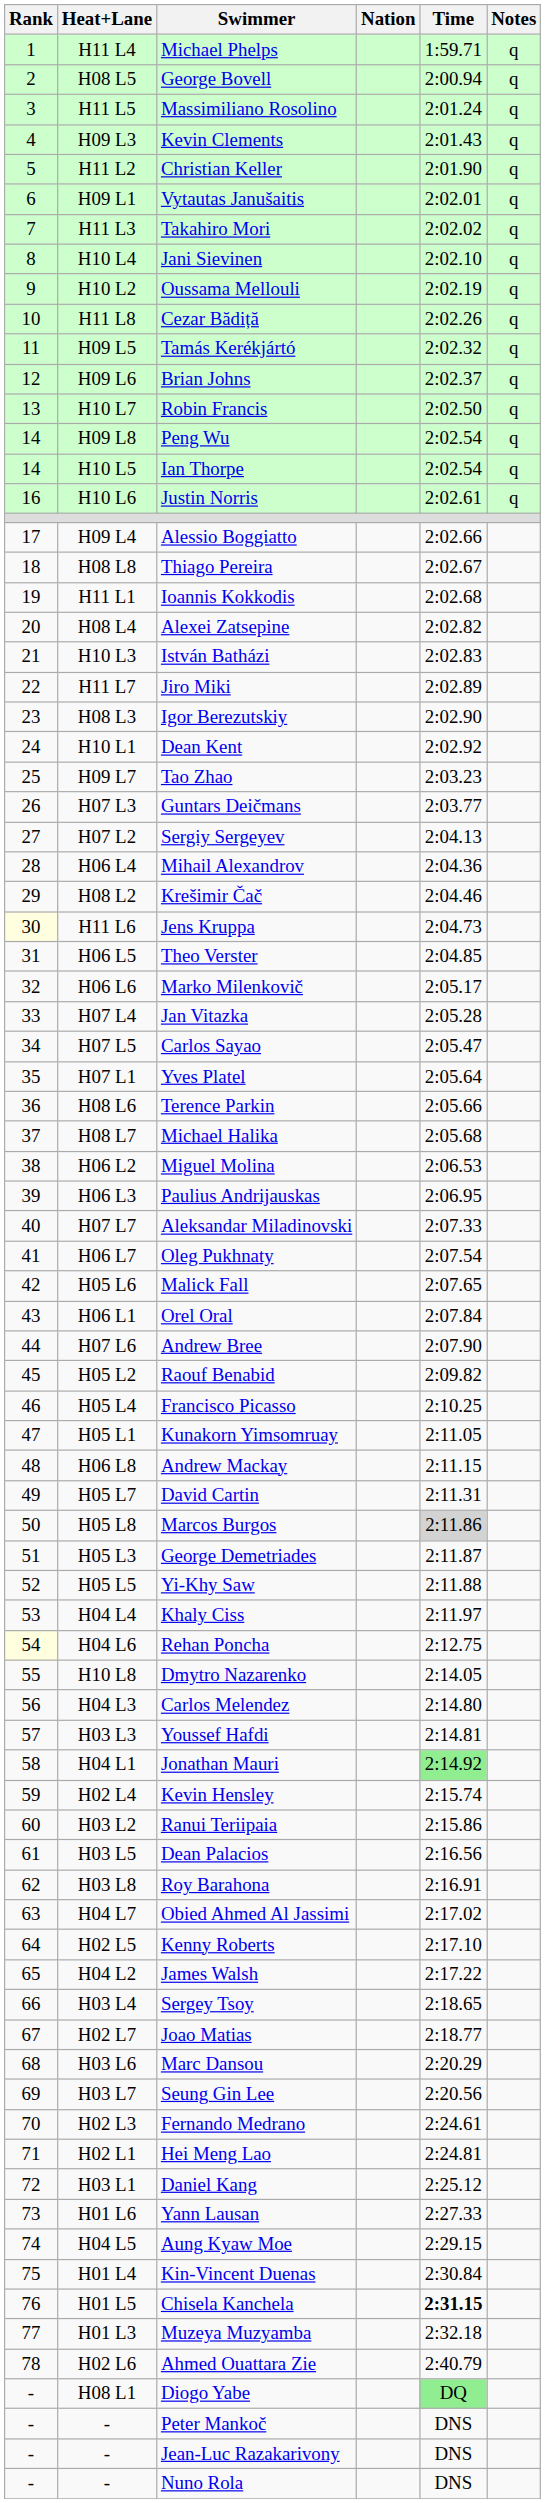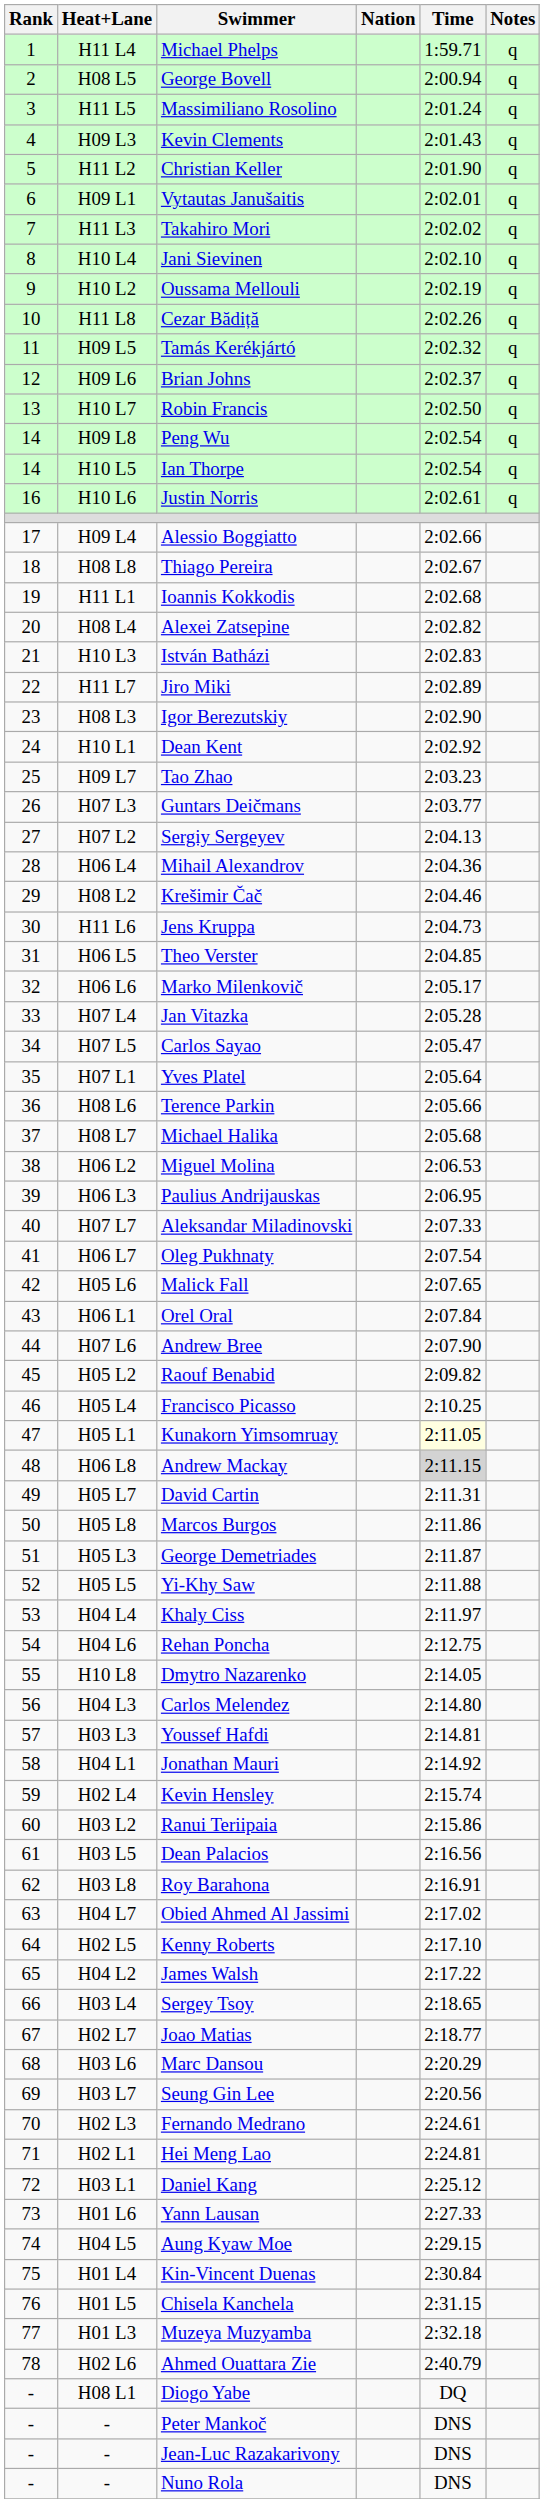 <table class="wikitable sortable" style="text-align:center">
 <tr>
 <th>Rank</th>
 <th>Heat+Lane</th>
 <th>Swimmer</th>
 <th>Nation</th>
 <th>Time</th>
 <th>Notes</th>
 </tr>
 <tr bgcolor=ccffcc>
 <td>1</td>
 <td>H11 L4</td>
 <td align=left><a href='#'>Michael Phelps</a></td>
 <td align=left></td>
 <td>1:59.71</td>
 <td>q</td>
 </tr>
 <tr bgcolor=ccffcc>
 <td>2</td>
 <td>H08 L5</td>
 <td align=left><a href='#'>George Bovell</a></td>
 <td align=left></td>
 <td>2:00.94</td>
 <td>q</td>
 </tr>
 <tr bgcolor=ccffcc>
 <td>3</td>
 <td>H11 L5</td>
 <td align=left><a href='#'>Massimiliano Rosolino</a></td>
 <td align=left></td>
 <td>2:01.24</td>
 <td>q</td>
 </tr>
 <tr bgcolor=ccffcc>
 <td>4</td>
 <td>H09 L3</td>
 <td align=left><a href='#'>Kevin Clements</a></td>
 <td align=left></td>
 <td>2:01.43</td>
 <td>q</td>
 </tr>
 <tr bgcolor=ccffcc>
 <td>5</td>
 <td>H11 L2</td>
 <td align=left><a href='#'>Christian Keller</a></td>
 <td align=left></td>
 <td>2:01.90</td>
 <td>q</td>
 </tr>
 <tr bgcolor=ccffcc>
 <td>6</td>
 <td>H09 L1</td>
 <td align=left><a href='#'>Vytautas Janušaitis</a></td>
 <td align=left></td>
 <td>2:02.01</td>
 <td>q</td>
 </tr>
 <tr bgcolor=ccffcc>
 <td>7</td>
 <td>H11 L3</td>
 <td align=left><a href='#'>Takahiro Mori</a></td>
 <td align=left></td>
 <td>2:02.02</td>
 <td>q</td>
 </tr>
 <tr bgcolor=ccffcc>
 <td>8</td>
 <td>H10 L4</td>
 <td align=left><a href='#'>Jani Sievinen</a></td>
 <td align=left></td>
 <td>2:02.10</td>
 <td>q</td>
 </tr>
 <tr bgcolor=ccffcc>
 <td>9</td>
 <td>H10 L2</td>
 <td align=left><a href='#'>Oussama Mellouli</a></td>
 <td align=left></td>
 <td>2:02.19</td>
 <td>q</td>
 </tr>
 <tr bgcolor=ccffcc>
 <td>10</td>
 <td>H11 L8</td>
 <td align=left><a href='#'>Cezar Bădiță</a></td>
 <td align=left></td>
 <td>2:02.26</td>
 <td>q</td>
 </tr>
 <tr bgcolor=ccffcc>
 <td>11</td>
 <td>H09 L5</td>
 <td align=left><a href='#'>Tamás Kerékjártó</a></td>
 <td align=left></td>
 <td>2:02.32</td>
 <td>q</td>
 </tr>
 <tr bgcolor=ccffcc>
 <td>12</td>
 <td>H09 L6</td>
 <td align=left><a href='#'>Brian Johns</a></td>
 <td align=left></td>
 <td>2:02.37</td>
 <td>q</td>
 </tr>
 <tr bgcolor=ccffcc>
 <td>13</td>
 <td>H10 L7</td>
 <td align=left><a href='#'>Robin Francis</a></td>
 <td align=left></td>
 <td>2:02.50</td>
 <td>q</td>
 </tr>
 <tr bgcolor=ccffcc>
 <td>14</td>
 <td>H09 L8</td>
 <td align=left><a href='#'>Peng Wu</a></td>
 <td align=left></td>
 <td>2:02.54</td>
 <td>q</td>
 </tr>
 <tr bgcolor=ccffcc>
 <td>14</td>
 <td>H10 L5</td>
 <td align=left><a href='#'>Ian Thorpe</a></td>
 <td align=left></td>
 <td>2:02.54</td>
 <td>q</td>
 </tr>
 <tr bgcolor=ccffcc>
 <td>16</td>
 <td>H10 L6</td>
 <td align=left><a href='#'>Justin Norris</a></td>
 <td align=left></td>
 <td>2:02.61</td>
 <td>q</td>
 </tr>
 <tr bgcolor=#DDDDDD>
 <td colspan=6></td>
 </tr>
 <tr>
 <td>17</td>
 <td>H09 L4</td>
 <td align=left><a href='#'>Alessio Boggiatto</a></td>
 <td align=left></td>
 <td>2:02.66</td>
 <td></td>
 </tr>
 <tr>
 <td>18</td>
 <td>H08 L8</td>
 <td align=left><a href='#'>Thiago Pereira</a></td>
 <td align=left></td>
 <td>2:02.67</td>
 <td></td>
 </tr>
 <tr>
 <td>19</td>
 <td>H11 L1</td>
 <td align=left><a href='#'>Ioannis Kokkodis</a></td>
 <td align=left></td>
 <td>2:02.68</td>
 <td></td>
 </tr>
 <tr>
 <td>20</td>
 <td>H08 L4</td>
 <td align=left><a href='#'>Alexei Zatsepine</a></td>
 <td align=left></td>
 <td>2:02.82</td>
 <td></td>
 </tr>
 <tr>
 <td>21</td>
 <td>H10 L3</td>
 <td align=left><a href='#'>István Batházi</a></td>
 <td align=left></td>
 <td>2:02.83</td>
 <td></td>
 </tr>
 <tr>
 <td>22</td>
 <td>H11 L7</td>
 <td align=left><a href='#'>Jiro Miki</a></td>
 <td align=left></td>
 <td>2:02.89</td>
 <td></td>
 </tr>
 <tr>
 <td>23</td>
 <td>H08 L3</td>
 <td align=left><a href='#'>Igor Berezutskiy</a></td>
 <td align=left></td>
 <td>2:02.90</td>
 <td></td>
 </tr>
 <tr>
 <td>24</td>
 <td>H10 L1</td>
 <td align=left><a href='#'>Dean Kent</a></td>
 <td align=left></td>
 <td>2:02.92</td>
 <td></td>
 </tr>
 <tr>
 <td>25</td>
 <td>H09 L7</td>
 <td align=left><a href='#'>Tao Zhao</a></td>
 <td align=left></td>
 <td>2:03.23</td>
 <td></td>
 </tr>
 <tr>
 <td>26</td>
 <td>H07 L3</td>
 <td align=left><a href='#'>Guntars Deičmans</a></td>
 <td align=left></td>
 <td>2:03.77</td>
 <td></td>
 </tr>
 <tr>
 <td>27</td>
 <td>H07 L2</td>
 <td align=left><a href='#'>Sergiy Sergeyev</a></td>
 <td align=left></td>
 <td>2:04.13</td>
 <td></td>
 </tr>
 <tr>
 <td>28</td>
 <td>H06 L4</td>
 <td align=left><a href='#'>Mihail Alexandrov</a></td>
 <td align=left></td>
 <td>2:04.36</td>
 <td></td>
 </tr>
 <tr>
 <td>29</td>
 <td>H08 L2</td>
 <td align=left><a href='#'>Krešimir Čač</a></td>
 <td align=left></td>
 <td>2:04.46</td>
 <td></td>
 </tr>
 <tr>
-<td style="background: lightyellow;">30</td>
+<td>30</td>
 <td>H11 L6</td>
 <td align=left><a href='#'>Jens Kruppa</a></td>
 <td align=left></td>
 <td>2:04.73</td>
 <td></td>
 </tr>
 <tr>
 <td>31</td>
 <td>H06 L5</td>
 <td align=left><a href='#'>Theo Verster</a></td>
 <td align=left></td>
 <td>2:04.85</td>
 <td></td>
 </tr>
 <tr>
 <td>32</td>
 <td>H06 L6</td>
 <td align=left><a href='#'>Marko Milenkovič</a></td>
 <td align=left></td>
 <td>2:05.17</td>
 <td></td>
 </tr>
 <tr>
 <td>33</td>
 <td>H07 L4</td>
 <td align=left><a href='#'>Jan Vitazka</a></td>
 <td align=left></td>
 <td>2:05.28</td>
 <td></td>
 </tr>
 <tr>
 <td>34</td>
 <td>H07 L5</td>
 <td align=left><a href='#'>Carlos Sayao</a></td>
 <td align=left></td>
 <td>2:05.47</td>
 <td></td>
 </tr>
 <tr>
 <td>35</td>
 <td>H07 L1</td>
 <td align=left><a href='#'>Yves Platel</a></td>
 <td align=left></td>
 <td>2:05.64</td>
 <td></td>
 </tr>
 <tr>
 <td>36</td>
 <td>H08 L6</td>
 <td align=left><a href='#'>Terence Parkin</a></td>
 <td align=left></td>
 <td>2:05.66</td>
 <td></td>
 </tr>
 <tr>
 <td>37</td>
 <td>H08 L7</td>
 <td align=left><a href='#'>Michael Halika</a></td>
 <td align=left></td>
 <td>2:05.68</td>
 <td></td>
 </tr>
 <tr>
 <td>38</td>
 <td>H06 L2</td>
 <td align=left><a href='#'>Miguel Molina</a></td>
 <td align=left></td>
 <td>2:06.53</td>
 <td></td>
 </tr>
 <tr>
 <td>39</td>
 <td>H06 L3</td>
 <td align=left><a href='#'>Paulius Andrijauskas</a></td>
 <td align=left></td>
 <td>2:06.95</td>
 <td></td>
 </tr>
 <tr>
 <td>40</td>
 <td>H07 L7</td>
 <td align=left><a href='#'>Aleksandar Miladinovski</a></td>
 <td align=left></td>
 <td>2:07.33</td>
 <td></td>
 </tr>
 <tr>
 <td>41</td>
 <td>H06 L7</td>
 <td align=left><a href='#'>Oleg Pukhnaty</a></td>
 <td align=left></td>
 <td>2:07.54</td>
 <td></td>
 </tr>
 <tr>
 <td>42</td>
 <td>H05 L6</td>
 <td align=left><a href='#'>Malick Fall</a></td>
 <td align=left></td>
 <td>2:07.65</td>
 <td></td>
 </tr>
 <tr>
 <td>43</td>
 <td>H06 L1</td>
 <td align=left><a href='#'>Orel Oral</a></td>
 <td align=left></td>
 <td>2:07.84</td>
 <td></td>
 </tr>
 <tr>
 <td>44</td>
 <td>H07 L6</td>
 <td align=left><a href='#'>Andrew Bree</a></td>
 <td align=left></td>
 <td>2:07.90</td>
 <td></td>
 </tr>
 <tr>
 <td>45</td>
 <td>H05 L2</td>
 <td align=left><a href='#'>Raouf Benabid</a></td>
 <td align=left></td>
 <td>2:09.82</td>
 <td></td>
 </tr>
 <tr>
 <td>46</td>
 <td>H05 L4</td>
 <td align=left><a href='#'>Francisco Picasso</a></td>
 <td align=left></td>
 <td>2:10.25</td>
 <td></td>
 </tr>
 <tr>
 <td>47</td>
 <td>H05 L1</td>
 <td align=left><a href='#'>Kunakorn Yimsomruay</a></td>
 <td align=left></td>
-<td>2:11.05</td>
+<td style="background: lightyellow;">2:11.05</td>
 <td></td>
 </tr>
 <tr>
 <td>48</td>
 <td>H06 L8</td>
 <td align=left><a href='#'>Andrew Mackay</a></td>
 <td align=left></td>
-<td>2:11.15</td>
+<td style="background: lightgrey;">2:11.15</td>
 <td></td>
 </tr>
 <tr>
 <td>49</td>
 <td>H05 L7</td>
 <td align=left><a href='#'>David Cartin</a></td>
 <td align=left></td>
 <td>2:11.31</td>
 <td></td>
 </tr>
 <tr>
 <td>50</td>
 <td>H05 L8</td>
 <td align=left><a href='#'>Marcos Burgos</a></td>
 <td align=left></td>
-<td style="background: lightgrey;">2:11.86</td>
+<td>2:11.86</td>
 <td></td>
 </tr>
 <tr>
 <td>51</td>
 <td>H05 L3</td>
 <td align=left><a href='#'>George Demetriades</a></td>
 <td align=left></td>
 <td>2:11.87</td>
 <td></td>
 </tr>
 <tr>
 <td>52</td>
 <td>H05 L5</td>
 <td align=left><a href='#'>Yi-Khy Saw</a></td>
 <td align=left></td>
 <td>2:11.88</td>
 <td></td>
 </tr>
 <tr>
 <td>53</td>
 <td>H04 L4</td>
 <td align=left><a href='#'>Khaly Ciss</a></td>
 <td align=left></td>
 <td>2:11.97</td>
 <td></td>
 </tr>
 <tr>
-<td style="background: lightyellow;">54</td>
+<td>54</td>
 <td>H04 L6</td>
 <td align=left><a href='#'>Rehan Poncha</a></td>
 <td align=left></td>
 <td>2:12.75</td>
 <td></td>
 </tr>
 <tr>
 <td>55</td>
 <td>H10 L8</td>
 <td align=left><a href='#'>Dmytro Nazarenko</a></td>
 <td align=left></td>
 <td>2:14.05</td>
 <td></td>
 </tr>
 <tr>
 <td>56</td>
 <td>H04 L3</td>
 <td align=left><a href='#'>Carlos Melendez</a></td>
 <td align=left></td>
 <td>2:14.80</td>
 <td></td>
 </tr>
 <tr>
 <td>57</td>
 <td>H03 L3</td>
 <td align=left><a href='#'>Youssef Hafdi</a></td>
 <td align=left></td>
 <td>2:14.81</td>
 <td></td>
 </tr>
 <tr>
 <td>58</td>
 <td>H04 L1</td>
 <td align=left><a href='#'>Jonathan Mauri</a></td>
 <td align=left></td>
-<td style="background: lightgreen;">2:14.92</td>
+<td>2:14.92</td>
 <td></td>
 </tr>
 <tr>
 <td>59</td>
 <td>H02 L4</td>
 <td align=left><a href='#'>Kevin Hensley</a></td>
 <td align=left></td>
 <td>2:15.74</td>
 <td></td>
 </tr>
 <tr>
 <td>60</td>
 <td>H03 L2</td>
 <td align=left><a href='#'>Ranui Teriipaia</a></td>
 <td align=left></td>
 <td>2:15.86</td>
 <td></td>
 </tr>
 <tr>
 <td>61</td>
 <td>H03 L5</td>
 <td align=left><a href='#'>Dean Palacios</a></td>
 <td align=left></td>
 <td>2:16.56</td>
 <td></td>
 </tr>
 <tr>
 <td>62</td>
 <td>H03 L8</td>
 <td align=left><a href='#'>Roy Barahona</a></td>
 <td align=left></td>
 <td>2:16.91</td>
 <td></td>
 </tr>
 <tr>
 <td>63</td>
 <td>H04 L7</td>
 <td align=left><a href='#'>Obied Ahmed Al Jassimi</a></td>
 <td align=left></td>
 <td>2:17.02</td>
 <td></td>
 </tr>
 <tr>
 <td>64</td>
 <td>H02 L5</td>
 <td align=left><a href='#'>Kenny Roberts</a></td>
 <td align=left></td>
 <td>2:17.10</td>
 <td></td>
 </tr>
 <tr>
 <td>65</td>
 <td>H04 L2</td>
 <td align=left><a href='#'>James Walsh</a></td>
 <td align=left></td>
 <td>2:17.22</td>
 <td></td>
 </tr>
 <tr>
 <td>66</td>
 <td>H03 L4</td>
 <td align=left><a href='#'>Sergey Tsoy</a></td>
 <td align=left></td>
 <td>2:18.65</td>
 <td></td>
 </tr>
 <tr>
 <td>67</td>
 <td>H02 L7</td>
 <td align=left><a href='#'>Joao Matias</a></td>
 <td align=left></td>
 <td>2:18.77</td>
 <td></td>
 </tr>
 <tr>
 <td>68</td>
 <td>H03 L6</td>
 <td align=left><a href='#'>Marc Dansou</a></td>
 <td align=left></td>
 <td>2:20.29</td>
 <td></td>
 </tr>
 <tr>
 <td>69</td>
 <td>H03 L7</td>
 <td align=left><a href='#'>Seung Gin Lee</a></td>
 <td align=left></td>
 <td>2:20.56</td>
 <td></td>
 </tr>
 <tr>
 <td>70</td>
 <td>H02 L3</td>
 <td align=left><a href='#'>Fernando Medrano</a></td>
 <td align=left></td>
 <td>2:24.61</td>
 <td></td>
 </tr>
 <tr>
 <td>71</td>
 <td>H02 L1</td>
 <td align=left><a href='#'>Hei Meng Lao</a></td>
 <td align=left></td>
 <td>2:24.81</td>
 <td></td>
 </tr>
 <tr>
 <td>72</td>
 <td>H03 L1</td>
 <td align=left><a href='#'>Daniel Kang</a></td>
 <td align=left></td>
 <td>2:25.12</td>
 <td></td>
 </tr>
 <tr>
 <td>73</td>
 <td>H01 L6</td>
 <td align=left><a href='#'>Yann Lausan</a></td>
 <td align=left></td>
 <td>2:27.33</td>
 <td></td>
 </tr>
 <tr>
 <td>74</td>
 <td>H04 L5</td>
 <td align=left><a href='#'>Aung Kyaw Moe</a></td>
 <td align=left></td>
 <td>2:29.15</td>
 <td></td>
 </tr>
 <tr>
 <td>75</td>
 <td>H01 L4</td>
 <td align=left><a href='#'>Kin-Vincent Duenas</a></td>
 <td align=left></td>
 <td>2:30.84</td>
 <td></td>
 </tr>
 <tr>
 <td>76</td>
 <td>H01 L5</td>
 <td align=left><a href='#'>Chisela Kanchela</a></td>
 <td align=left></td>
-<td><strong>2:31.15</strong></td>
+<td>2:31.15</td>
 <td></td>
 </tr>
 <tr>
 <td>77</td>
 <td>H01 L3</td>
 <td align=left><a href='#'>Muzeya Muzyamba</a></td>
 <td align=left></td>
 <td>2:32.18</td>
 <td></td>
 </tr>
 <tr>
 <td>78</td>
 <td>H02 L6</td>
 <td align=left><a href='#'>Ahmed Ouattara Zie</a></td>
 <td align=left></td>
 <td>2:40.79</td>
 <td></td>
 </tr>
 <tr>
 <td>-</td>
 <td>H08 L1</td>
 <td align=left><a href='#'>Diogo Yabe</a></td>
 <td align=left></td>
-<td style="background: lightgreen;">DQ</td>
+<td>DQ</td>
 <td></td>
 </tr>
 <tr>
 <td>-</td>
 <td>-</td>
 <td align=left><a href='#'>Peter Mankoč</a></td>
 <td align=left></td>
 <td>DNS</td>
 <td></td>
 </tr>
 <tr>
 <td>-</td>
 <td>-</td>
 <td align=left><a href='#'>Jean-Luc Razakarivony</a></td>
 <td align=left></td>
 <td>DNS</td>
 <td></td>
 </tr>
 <tr>
 <td>-</td>
 <td>-</td>
 <td align=left><a href='#'>Nuno Rola</a></td>
 <td align=left></td>
 <td>DNS</td>
 <td></td>
 </tr>
 <tr>
 </tr>
 </table>
